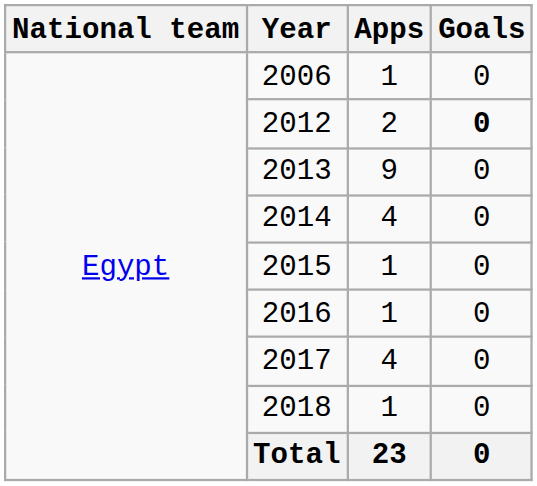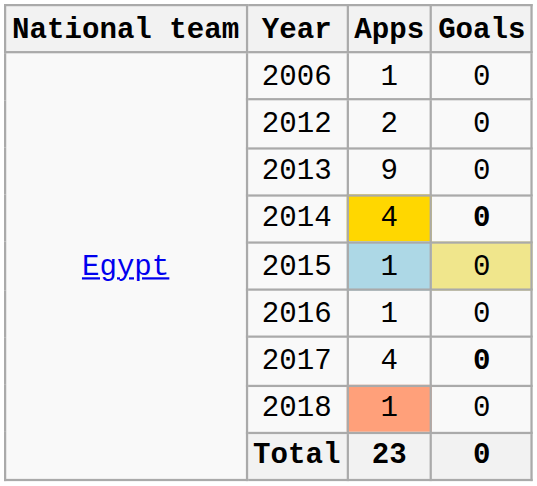 <table class="wikitable" style="text-align:center">
 <tr>
 <th>National team</th>
 <th>Year</th>
 <th>Apps</th>
 <th>Goals</th>
 </tr>
 <tr>
 <td rowspan="9"><a href='#'>Egypt</a></td>
 <td>2006</td>
 <td>1</td>
 <td>0</td>
 </tr>
 <tr>
 <td>2012</td>
 <td>2</td>
-<td><strong>0</strong></td>
+<td>0</td>
 </tr>
 <tr>
 <td>2013</td>
 <td>9</td>
 <td>0</td>
 </tr>
 <tr>
 <td>2014</td>
-<td>4</td>
-<td>0</td>
+<td style="background: gold;">4</td>
+<td><strong>0</strong></td>
 </tr>
 <tr>
 <td>2015</td>
-<td>1</td>
-<td>0</td>
+<td style="background: lightblue;">1</td>
+<td style="background: khaki;">0</td>
 </tr>
 <tr>
 <td>2016</td>
 <td>1</td>
 <td>0</td>
 </tr>
 <tr>
 <td>2017</td>
 <td>4</td>
-<td>0</td>
+<td><strong>0</strong></td>
 </tr>
 <tr>
 <td>2018</td>
-<td>1</td>
+<td style="background: lightsalmon;">1</td>
 <td>0</td>
 </tr>
 <tr>
 <th>Total</th>
 <th>23</th>
 <th>0</th>
 </tr>
 </table>
